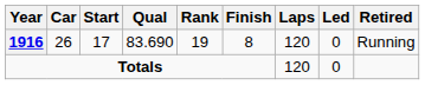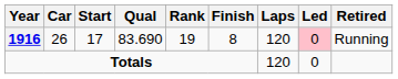 <table class="wikitable" style="text-align:center">
 <tr>
 <th>Year</th>
 <th>Car</th>
 <th>Start</th>
 <th>Qual</th>
 <th>Rank</th>
 <th>Finish</th>
 <th>Laps</th>
 <th>Led</th>
 <th>Retired</th>
 </tr>
 <tr>
 <th><a href='#'>1916</a></th>
 <td>26</td>
 <td>17</td>
 <td>83.690</td>
 <td>19</td>
 <td>8</td>
 <td>120</td>
-<td>0</td>
+<td style="background: pink;">0</td>
 <td>Running</td>
 </tr>
 <tr>
 <td colspan=6><strong>Totals</strong></td>
 <td>120</td>
 <td>0</td>
 <td></td>
 </tr>
 </table>
